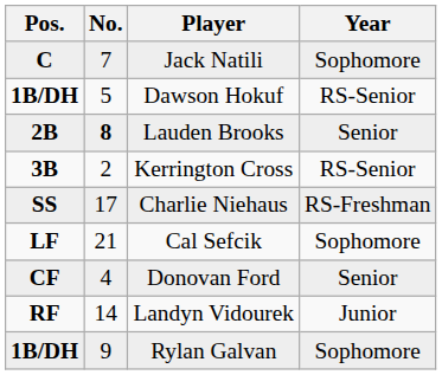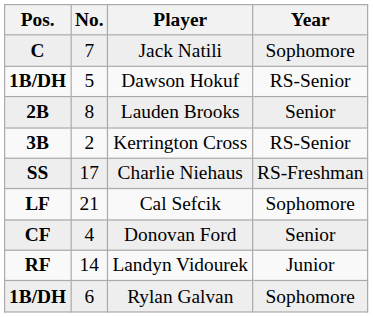 <table class="wikitable non-sortable">
 <tr>
 <th style="text-align:center; ">Pos.</th>
 <th style="text-align:center; ">No.</th>
 <th style="text-align:center; ">Player</th>
 <th style="text-align:center; ">Year</th>
 </tr>
 <tr style="background:#eeeeee;text-align:center;">
 <td><strong>C</strong></td>
 <td>7</td>
 <td>Jack Natili</td>
 <td>Sophomore</td>
 </tr>
 <tr style="text-align:center;">
 <td><strong>1B/DH</strong></td>
 <td>5</td>
 <td>Dawson Hokuf</td>
 <td>RS-Senior</td>
 </tr>
 <tr style="background:#eeeeee;text-align:center;">
 <td><strong>2B</strong></td>
-<td><strong>8</strong></td>
+<td>8</td>
 <td>Lauden Brooks</td>
 <td>Senior</td>
 </tr>
 <tr style="text-align:center;">
 <td><strong>3B</strong></td>
 <td>2</td>
 <td>Kerrington Cross</td>
 <td>RS-Senior</td>
 </tr>
 <tr style="background:#eeeeee;text-align:center;">
 <td><strong>SS</strong></td>
 <td>17</td>
 <td>Charlie Niehaus</td>
 <td>RS-Freshman</td>
 </tr>
 <tr style="text-align:center;">
 <td><strong>LF</strong></td>
 <td>21</td>
 <td>Cal Sefcik</td>
 <td>Sophomore</td>
 </tr>
 <tr style="background:#eeeeee;text-align:center;">
 <td><strong>CF</strong></td>
 <td>4</td>
 <td>Donovan Ford</td>
 <td>Senior</td>
 </tr>
 <tr style="text-align:center;">
 <td><strong>RF</strong></td>
 <td>14</td>
 <td>Landyn Vidourek</td>
 <td>Junior</td>
 </tr>
 <tr style="background:#eeeeee;text-align:center;">
 <td><strong>1B/DH</strong></td>
-<td>9</td>
+<td>6</td>
 <td>Rylan Galvan</td>
 <td>Sophomore</td>
 </tr>
 </table>
